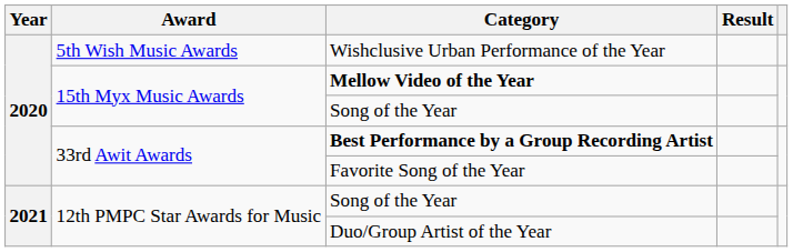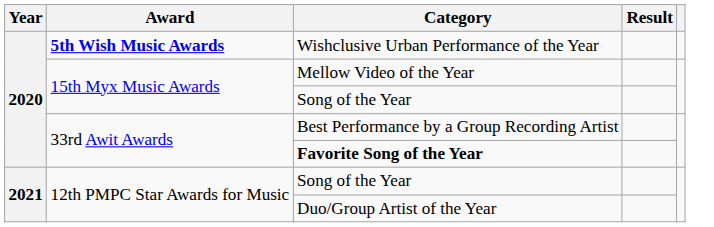 <table class="wikitable">
 <tr>
 <th>Year</th>
 <th>Award</th>
 <th>Category</th>
 <th>Result</th>
 <th></th>
 </tr>
 <tr>
 <th rowspan="5">2020</th>
-<td><a href='#'>5th Wish Music Awards</a></td>
+<td><strong><a href='#'>5th Wish Music Awards</a></strong></td>
 <td>Wishclusive Urban Performance of the Year</td>
 <td></td>
 <td></td>
 </tr>
 <tr>
 <td rowspan="2"><a href='#'>15th Myx Music Awards</a></td>
-<td><strong>Mellow Video of the Year</strong></td>
+<td>Mellow Video of the Year</td>
 <td></td>
 <td rowspan="2"></td>
 </tr>
 <tr>
 <td>Song of the Year</td>
 <td></td>
 </tr>
 <tr>
 <td rowspan="2">33rd <a href='#'>Awit Awards</a></td>
-<td><strong>Best Performance by a Group Recording Artist</strong></td>
+<td>Best Performance by a Group Recording Artist</td>
 <td></td>
 <td rowspan=2></td>
 </tr>
 <tr>
-<td>Favorite Song of the Year</td>
+<td><strong>Favorite Song of the Year</strong></td>
 <td></td>
 </tr>
 <tr>
 <th rowspan="2">2021</th>
 <td rowspan="2">12th PMPC Star Awards for Music</td>
 <td>Song of the Year</td>
 <td></td>
 <td rowspan="2"></td>
 </tr>
 <tr>
 <td>Duo/Group Artist of the Year</td>
 <td></td>
 </tr>
 </table>
